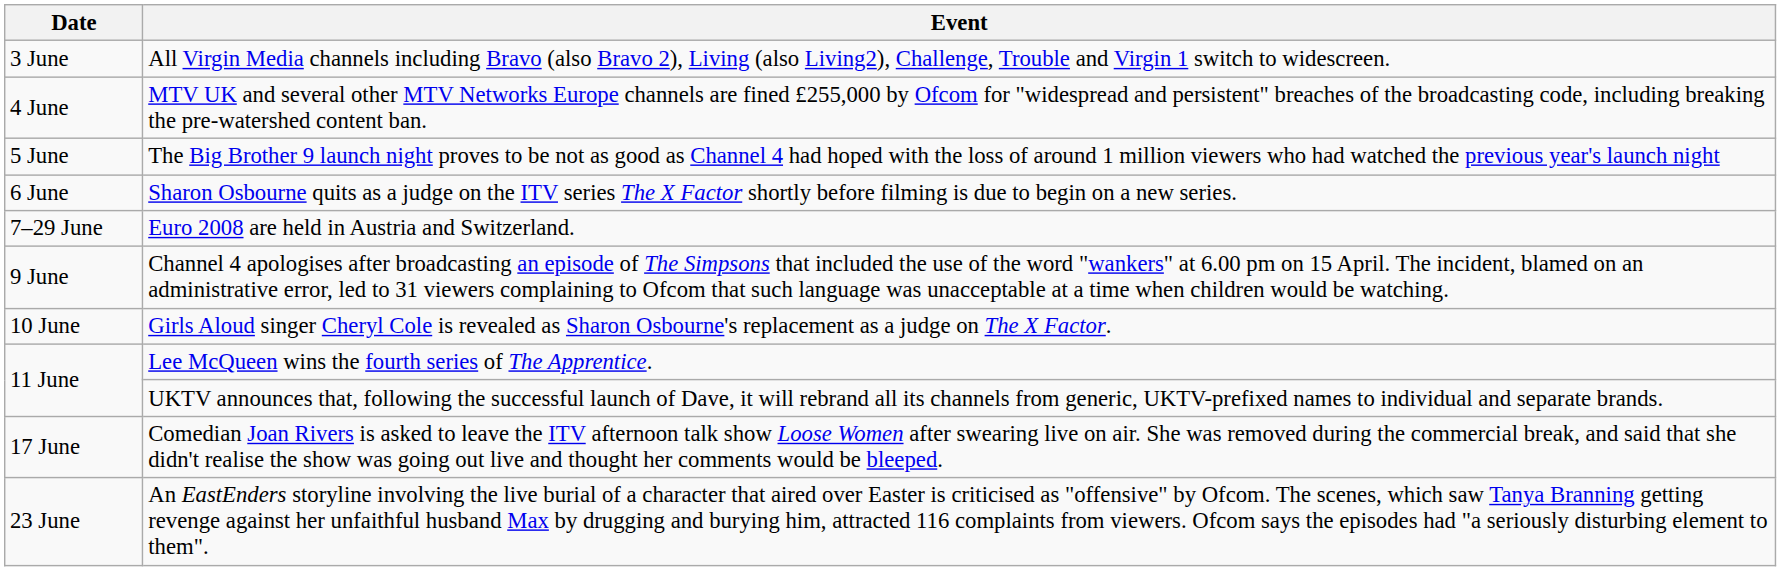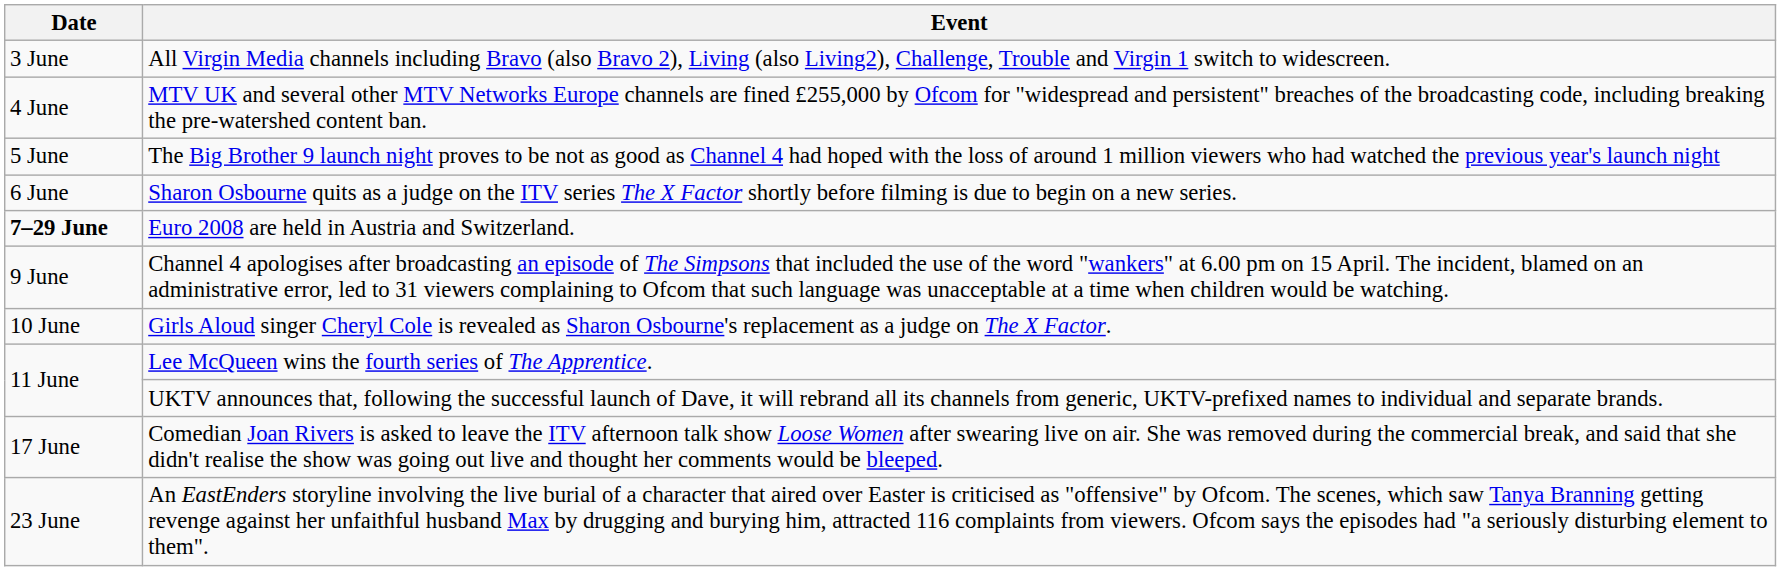 <table class="wikitable">
 <tr>
 <th width=90>Date</th>
 <th>Event</th>
 </tr>
 <tr>
 <td>3 June</td>
 <td>All <a href='#'>Virgin Media</a> channels including <a href='#'>Bravo</a> (also <a href='#'>Bravo 2</a>), <a href='#'>Living</a> (also <a href='#'>Living2</a>), <a href='#'>Challenge</a>, <a href='#'>Trouble</a> and <a href='#'>Virgin 1</a> switch to widescreen.</td>
 </tr>
 <tr>
 <td>4 June</td>
 <td><a href='#'>MTV UK</a> and several other <a href='#'>MTV Networks Europe</a> channels are fined £255,000 by <a href='#'>Ofcom</a> for "widespread and persistent" breaches of the broadcasting code, including breaking the pre-watershed content ban.</td>
 </tr>
 <tr>
 <td>5 June</td>
 <td>The <a href='#'>Big Brother 9 launch night</a> proves to be not as good as <a href='#'>Channel 4</a> had hoped with the loss of around 1 million viewers who had watched the <a href='#'>previous year's launch night</a></td>
 </tr>
 <tr>
 <td>6 June</td>
 <td><a href='#'>Sharon Osbourne</a> quits as a judge on the <a href='#'>ITV</a> series <em><a href='#'>The X Factor</a></em> shortly before filming is due to begin on a new series.</td>
 </tr>
 <tr>
-<td>7–29 June</td>
+<td><strong>7–29 June</strong></td>
 <td><a href='#'>Euro 2008</a> are held in Austria and Switzerland.</td>
 </tr>
 <tr>
 <td>9 June</td>
 <td>Channel 4 apologises after broadcasting <a href='#'>an episode</a> of <em><a href='#'>The Simpsons</a></em> that included the use of the word "<a href='#'>wankers</a>" at 6.00 pm on 15 April. The incident, blamed on an administrative error, led to 31 viewers complaining to Ofcom that such language was unacceptable at a time when children would be watching.</td>
 </tr>
 <tr>
 <td>10 June</td>
 <td><a href='#'>Girls Aloud</a> singer <a href='#'>Cheryl Cole</a> is revealed as <a href='#'>Sharon Osbourne</a>'s replacement as a judge on <em><a href='#'>The X Factor</a></em>.</td>
 </tr>
 <tr>
 <td rowspan=2>11 June</td>
 <td><a href='#'>Lee McQueen</a> wins the <a href='#'>fourth series</a> of <em><a href='#'>The Apprentice</a></em>.</td>
 </tr>
 <tr>
 <td>UKTV announces that, following the successful launch of Dave, it will rebrand all its channels from generic, UKTV-prefixed names to individual and separate brands.</td>
 </tr>
 <tr>
 <td>17 June</td>
 <td>Comedian <a href='#'>Joan Rivers</a> is asked to leave the <a href='#'>ITV</a> afternoon talk show <em><a href='#'>Loose Women</a></em> after swearing live on air. She was removed during the commercial break, and said that she didn't realise the show was going out live and thought her comments would be <a href='#'>bleeped</a>.</td>
 </tr>
 <tr>
 <td>23 June</td>
 <td>An <em>EastEnders</em> storyline involving the live burial of a character that aired over Easter is criticised as "offensive" by Ofcom. The scenes, which saw <a href='#'>Tanya Branning</a> getting revenge against her unfaithful husband <a href='#'>Max</a> by drugging and burying him, attracted 116 complaints from viewers. Ofcom says the episodes had "a seriously disturbing element to them".</td>
 </tr>
 </table>
